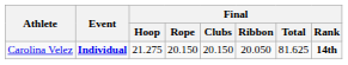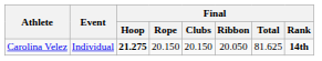 <table class="wikitable" style="font-size:90%">
 <tr>
 <th rowspan="2">Athlete</th>
 <th rowspan="2">Event</th>
 <th colspan="6">Final</th>
 </tr>
 <tr>
 <th>Hoop</th>
 <th>Rope</th>
 <th>Clubs</th>
 <th>Ribbon</th>
 <th>Total</th>
 <th>Rank</th>
 </tr>
 <tr>
 <td><a href='#'>Carolina Velez</a></td>
-<td><strong><a href='#'>Individual</a></strong></td>
-<td align=center>21.275</td>
+<td><a href='#'>Individual</a></td>
+<td align=center><strong>21.275</strong></td>
 <td align=center>20.150</td>
 <td align=center>20.150</td>
 <td align=center>20.050</td>
 <td align=center>81.625</td>
 <td align=center><strong>14th</strong></td>
 </tr>
 </table>
